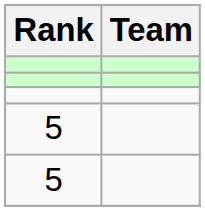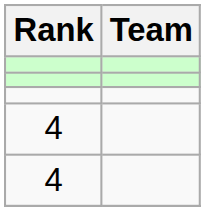 <table class="wikitable" style="text-align: center;">
 <tr>
 <th width=40>Rank</th>
 <th>Team</th>
 </tr>
 <tr bgcolor=#ccffcc>
 <td></td>
 <td align=left></td>
 </tr>
 <tr bgcolor=#ccffcc>
 <td></td>
 <td align=left></td>
 </tr>
 <tr>
 <td></td>
 <td align=left></td>
 </tr>
 <tr>
-<td>5</td>
+<td>4</td>
 <td align=left></td>
 </tr>
 <tr>
-<td>5</td>
+<td>4</td>
 <td align=left></td>
 </tr>
 <tr>
 </tr>
 </table>
